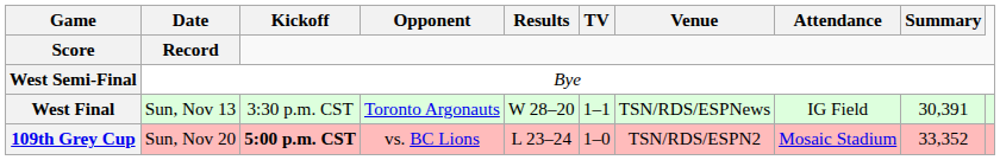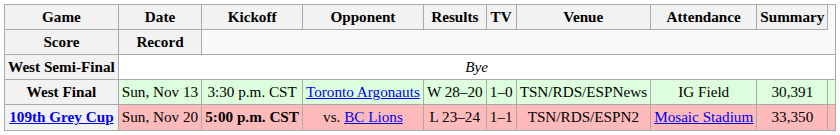 <table class="wikitable" style="font-size: 95%;">
 <tr>
 <th scope="col">Game</th>
 <th scope="col">Date</th>
 <th scope="col">Kickoff</th>
 <th scope="col">Opponent</th>
 <th scope="col">Results</th>
 <th scope="col">TV</th>
 <th scope="col">Venue</th>
 <th scope="col">Attendance</th>
 <th scope="col">Summary</th>
 </tr>
 <tr>
 <th scope="col">Score</th>
 <th scope="col">Record</th>
 </tr>
 <tr bgcolor="#ffffff" align="center">
 <th align="center">West Semi-Final</th>
 <td colspan="9" valign="middle" align="center"><em>Bye</em></td>
 </tr>
 <tr align="center" bgcolor="#ddffdd">
 <th align="center">West Final</th>
 <td align="center">Sun, Nov 13</td>
 <td align="center">3:30 p.m. CST</td>
 <td align="center"><a href='#'>Toronto Argonauts</a></td>
 <td align="center">W 28–20</td>
-<td align="center">1–1</td>
+<td align="center">1–0</td>
 <td align="center">TSN/RDS/ESPNews</td>
 <td align="center">IG Field</td>
 <td align="center">30,391</td>
 <td align="center"></td>
 </tr>
 <tr align="center" bgcolor="#ffbbbb">
 <th align="center"><a href='#'>109th Grey Cup</a></th>
 <td align="center">Sun, Nov 20</td>
 <td align="center"><strong>5:00 p.m. CST</strong></td>
 <td align="center">vs. <a href='#'>BC Lions</a></td>
 <td align="center">L 23–24</td>
-<td align="center">1–0</td>
+<td align="center">1–1</td>
 <td align="center">TSN/RDS/ESPN2</td>
 <td align="center"><a href='#'>Mosaic Stadium</a></td>
-<td align="center">33,352</td>
+<td align="center">33,350</td>
 <td align="center"></td>
 </tr>
 </table>
